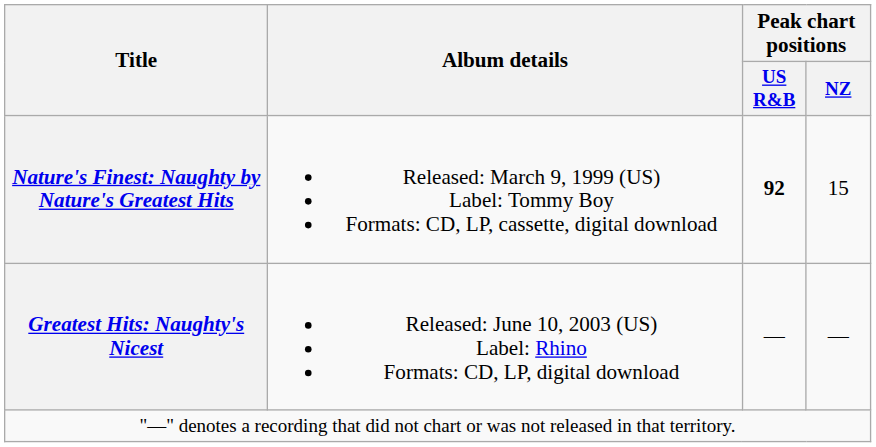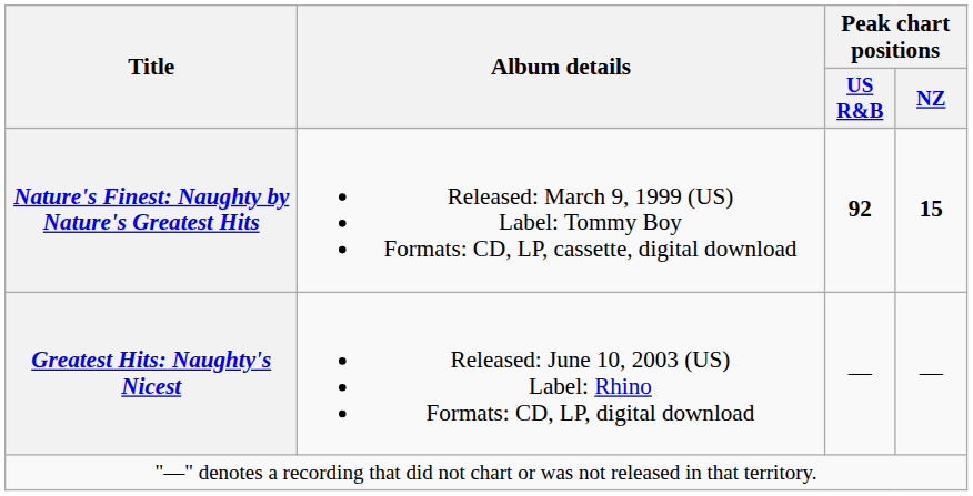 <table class="wikitable plainrowheaders" style="text-align:center;" border="1">
 <tr>
 <th scope="col" rowspan="2" style="width:12em;">Title</th>
 <th scope="col" rowspan="2" style="width:22em;">Album details</th>
 <th scope="col" colspan="2">Peak chart positions</th>
 </tr>
 <tr>
 <th scope="col" style="width:2.9em;font-size:90%;"><a href='#'>US<br>R&B</a><br></th>
 <th scope="col" style="width:2.9em;font-size:90%;"><a href='#'>NZ</a><br></th>
 </tr>
 <tr>
 <th scope="row"><em><a href='#'>Nature's Finest: Naughty by Nature's Greatest Hits</a></em></th>
 <td><br><ul><li>Released: March 9, 1999 <span>(US)</span></li><li>Label: Tommy Boy</li><li>Formats: CD, LP, cassette, digital download</li></ul></td>
 <td><strong>92</strong></td>
-<td>15</td>
+<td><strong>15</strong></td>
 </tr>
 <tr>
 <th scope="row"><em><a href='#'>Greatest Hits: Naughty's Nicest</a></em></th>
 <td><br><ul><li>Released: June 10, 2003 <span>(US)</span></li><li>Label: <a href='#'>Rhino</a></li><li>Formats: CD, LP, digital download</li></ul></td>
 <td>—</td>
 <td>—</td>
 </tr>
 <tr>
 <td colspan="14" style="font-size:90%">"—" denotes a recording that did not chart or was not released in that territory.</td>
 </tr>
 </table>
